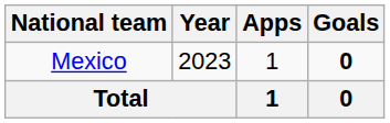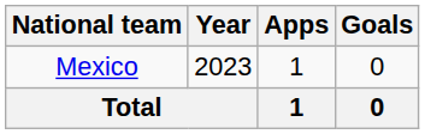 <table class="wikitable" style="text-align:center">
 <tr>
 <th>National team</th>
 <th>Year</th>
 <th>Apps</th>
 <th>Goals</th>
 </tr>
 <tr>
 <td rowspan="1"><a href='#'>Mexico</a></td>
 <td>2023</td>
 <td>1</td>
-<td><strong>0</strong></td>
+<td>0</td>
 </tr>
 <tr>
 <th colspan="2">Total</th>
 <th>1</th>
 <th>0</th>
 </tr>
 </table>
